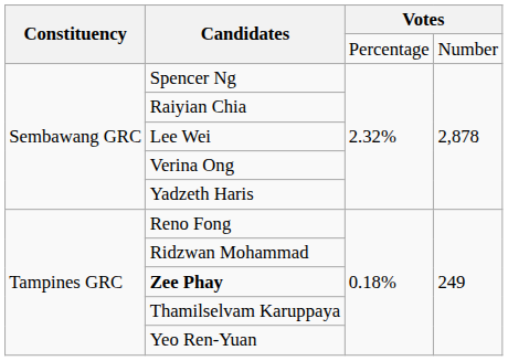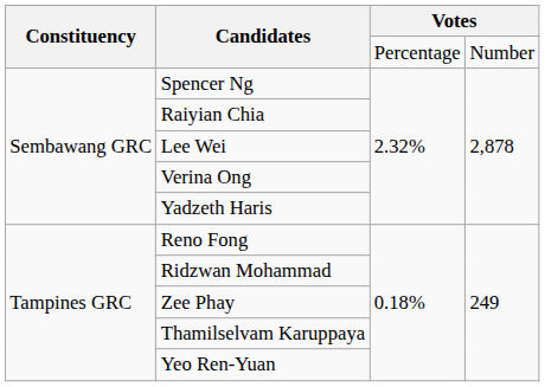 <table class="wikitable">
 <tr>
 <th rowspan="2">Constituency</th>
 <th rowspan="2">Candidates</th>
 <th colspan="2">Votes</th>
 </tr>
 <tr>
 <td>Percentage</td>
 <td>Number</td>
 </tr>
 <tr>
 <td rowspan="5">Sembawang GRC</td>
 <td>Spencer Ng</td>
 <td rowspan="5">2.32%</td>
 <td rowspan="5">2,878</td>
 </tr>
 <tr>
 <td>Raiyian Chia</td>
 </tr>
 <tr>
 <td>Lee Wei</td>
 </tr>
 <tr>
 <td>Verina Ong</td>
 </tr>
 <tr>
 <td>Yadzeth Haris</td>
 </tr>
 <tr>
 <td rowspan="5">Tampines GRC</td>
 <td>Reno Fong</td>
 <td rowspan="5">0.18%</td>
 <td rowspan="5">249</td>
 </tr>
 <tr>
 <td>Ridzwan Mohammad</td>
 </tr>
 <tr>
-<td><strong>Zee Phay</strong></td>
+<td>Zee Phay</td>
 </tr>
 <tr>
 <td>Thamilselvam Karuppaya</td>
 </tr>
 <tr>
 <td>Yeo Ren-Yuan</td>
 </tr>
 </table>
